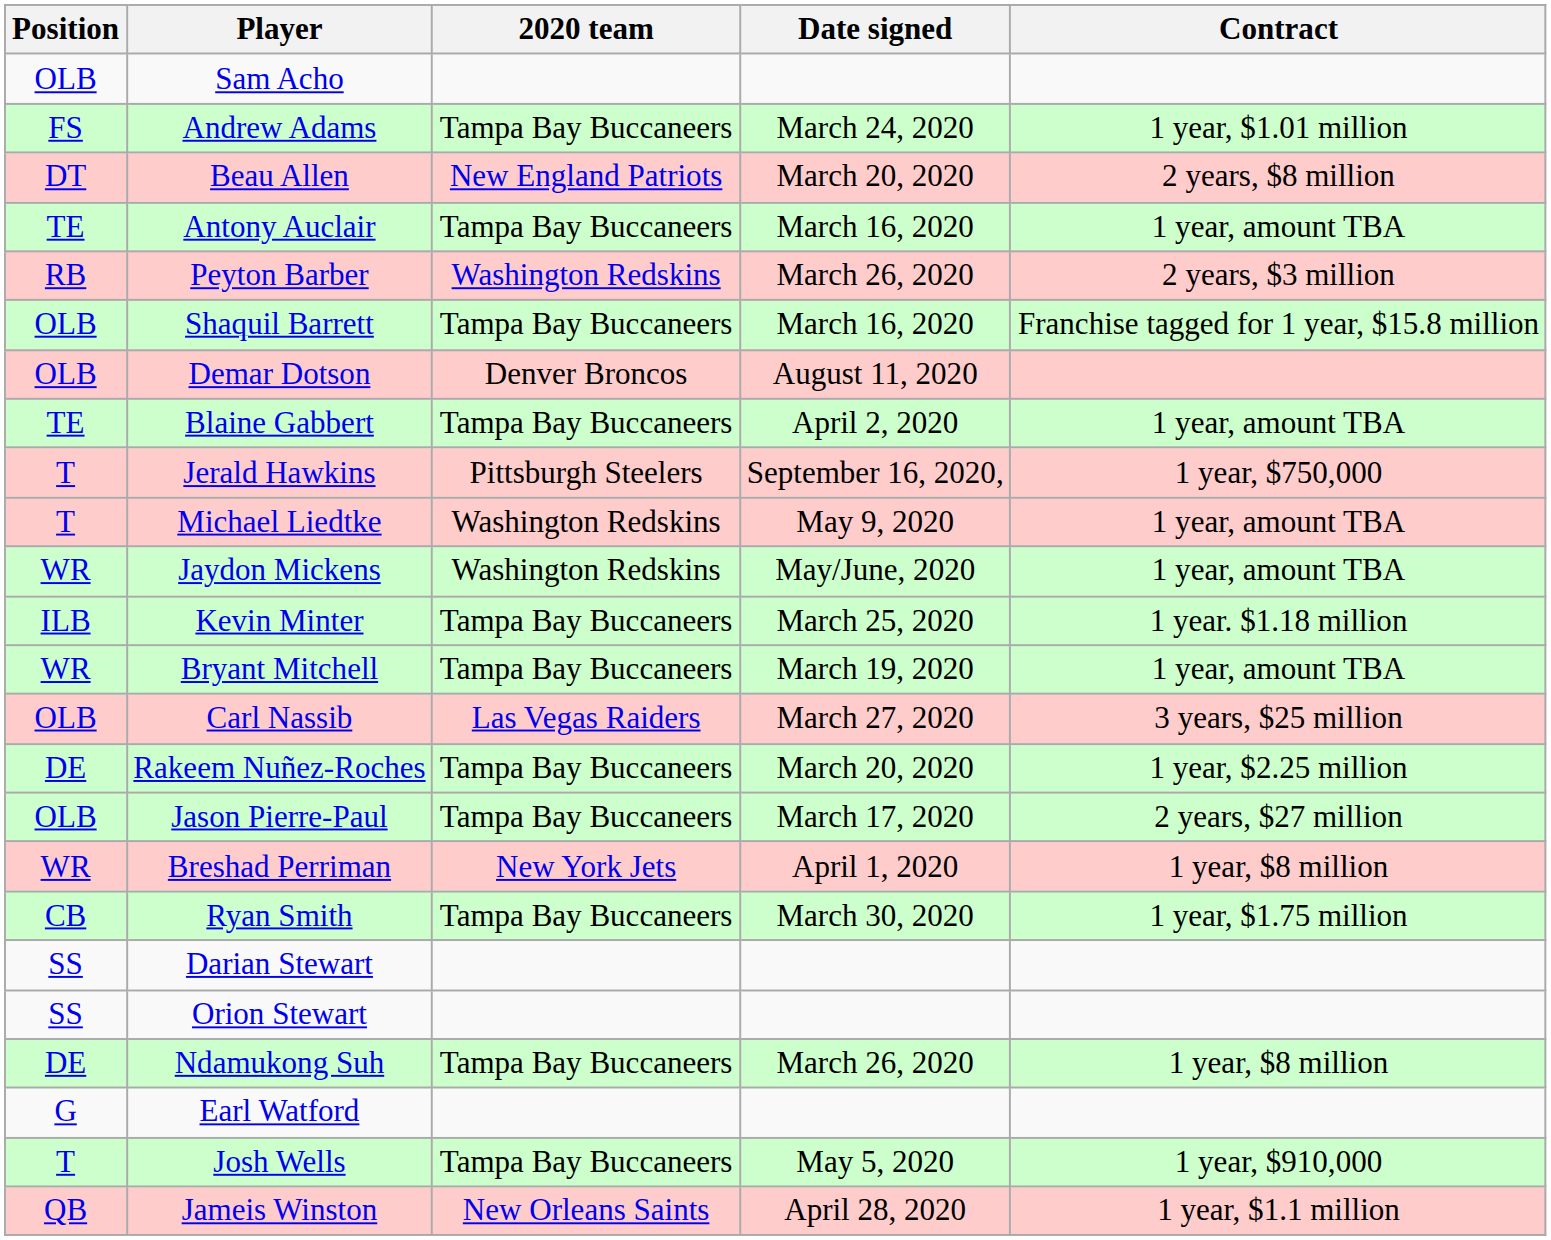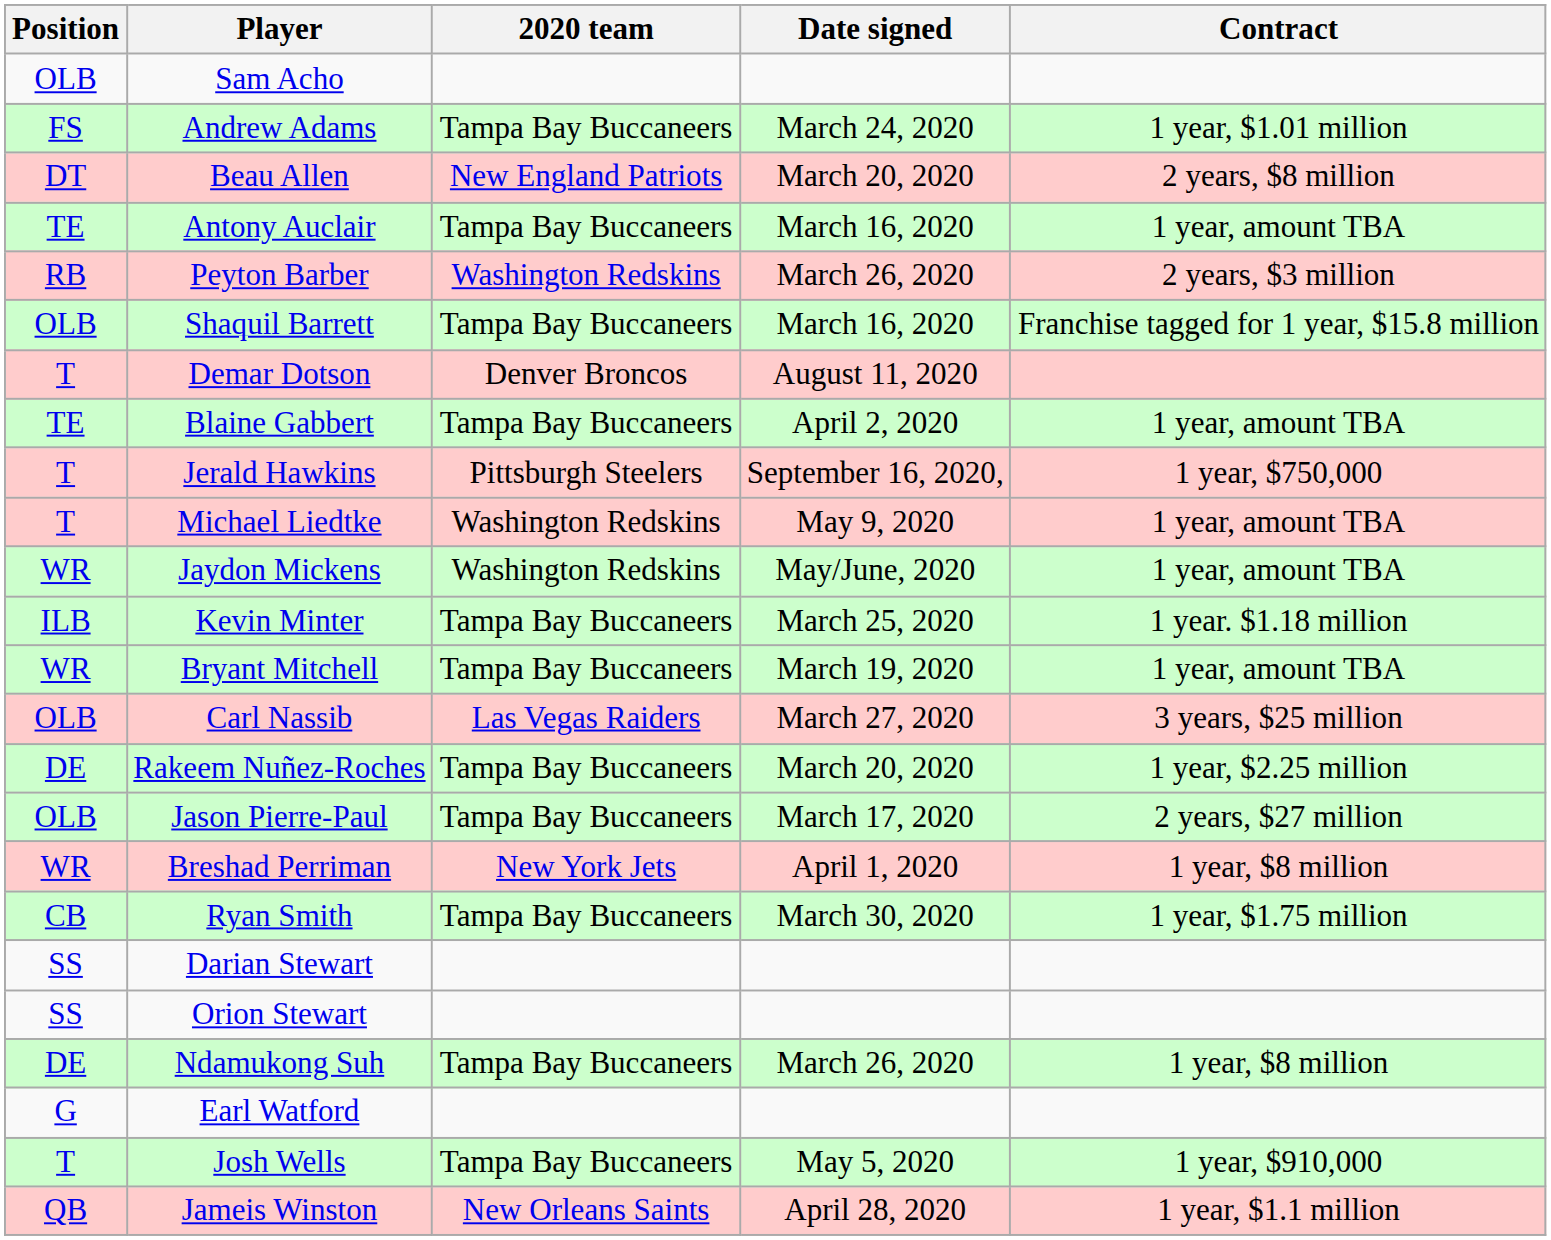 <table class="wikitable" style="text-align:center">
 <tr>
 <th>Position</th>
 <th>Player</th>
 <th>2020 team</th>
 <th>Date signed</th>
 <th>Contract</th>
 </tr>
 <tr>
 <td><a href='#'>OLB</a></td>
 <td><a href='#'>Sam Acho</a></td>
 <td></td>
 <td></td>
 <td></td>
 </tr>
 <tr style="background:#cfc">
 <td><a href='#'>FS</a></td>
 <td><a href='#'>Andrew Adams</a></td>
 <td>Tampa Bay Buccaneers</td>
 <td>March 24, 2020</td>
 <td>1 year, $1.01 million</td>
 </tr>
 <tr style="background:#fcc">
 <td><a href='#'>DT</a></td>
 <td><a href='#'>Beau Allen</a></td>
 <td><a href='#'>New England Patriots</a></td>
 <td>March 20, 2020</td>
 <td>2 years, $8 million</td>
 </tr>
 <tr style="background:#cfc">
 <td><a href='#'>TE</a></td>
 <td><a href='#'>Antony Auclair</a></td>
 <td>Tampa Bay Buccaneers</td>
 <td>March 16, 2020</td>
 <td>1 year, amount TBA</td>
 </tr>
 <tr style="background:#fcc">
 <td><a href='#'>RB</a></td>
 <td><a href='#'>Peyton Barber</a></td>
 <td><a href='#'>Washington Redskins</a></td>
 <td>March 26, 2020</td>
 <td>2 years, $3 million</td>
 </tr>
 <tr style="background:#cfc">
 <td><a href='#'>OLB</a></td>
 <td><a href='#'>Shaquil Barrett</a></td>
 <td>Tampa Bay Buccaneers</td>
 <td>March 16, 2020</td>
 <td>Franchise tagged for 1 year, $15.8 million</td>
 </tr>
 <tr style="background:#fcc">
-<td><a href='#'>OLB</a></td>
+<td><a href='#'>T</a></td>
 <td><a href='#'>Demar Dotson</a></td>
 <td>Denver Broncos</td>
 <td>August 11, 2020</td>
 <td></td>
 </tr>
 <tr style="background:#cfc">
 <td><a href='#'>TE</a></td>
 <td><a href='#'>Blaine Gabbert</a></td>
 <td>Tampa Bay Buccaneers</td>
 <td>April 2, 2020</td>
 <td>1 year, amount TBA</td>
 </tr>
 <tr style="background:#fcc">
 <td><a href='#'>T</a></td>
 <td><a href='#'>Jerald Hawkins</a></td>
 <td>Pittsburgh Steelers</td>
 <td>September 16, 2020,</td>
 <td>1 year, $750,000</td>
 </tr>
 <tr style="background:#fcc">
 <td><a href='#'>T</a></td>
 <td><a href='#'>Michael Liedtke</a></td>
 <td>Washington Redskins</td>
 <td>May 9, 2020</td>
 <td>1 year, amount TBA</td>
 </tr>
 <tr style="background:#cfc">
 <td><a href='#'>WR</a></td>
 <td><a href='#'>Jaydon Mickens</a></td>
 <td>Washington Redskins</td>
 <td>May/June, 2020</td>
 <td>1 year, amount TBA</td>
 </tr>
 <tr style="background:#cfc">
 <td><a href='#'>ILB</a></td>
 <td><a href='#'>Kevin Minter</a></td>
 <td>Tampa Bay Buccaneers</td>
 <td>March 25, 2020</td>
 <td>1 year. $1.18 million</td>
 </tr>
 <tr style="background:#cfc">
 <td><a href='#'>WR</a></td>
 <td><a href='#'>Bryant Mitchell</a></td>
 <td>Tampa Bay Buccaneers</td>
 <td>March 19, 2020</td>
 <td>1 year, amount TBA</td>
 </tr>
 <tr style="background:#fcc">
 <td><a href='#'>OLB</a></td>
 <td><a href='#'>Carl Nassib</a></td>
 <td><a href='#'>Las Vegas Raiders</a></td>
 <td>March 27, 2020</td>
 <td>3 years, $25 million</td>
 </tr>
 <tr style="background:#cfc">
 <td><a href='#'>DE</a></td>
 <td><a href='#'>Rakeem Nuñez-Roches</a></td>
 <td>Tampa Bay Buccaneers</td>
 <td>March 20, 2020</td>
 <td>1 year, $2.25 million</td>
 </tr>
 <tr style="background:#cfc">
 <td><a href='#'>OLB</a></td>
 <td><a href='#'>Jason Pierre-Paul</a></td>
 <td>Tampa Bay Buccaneers</td>
 <td>March 17, 2020</td>
 <td>2 years, $27 million</td>
 </tr>
 <tr style="background:#fcc">
 <td><a href='#'>WR</a></td>
 <td><a href='#'>Breshad Perriman</a></td>
 <td><a href='#'>New York Jets</a></td>
 <td>April 1, 2020</td>
 <td>1 year, $8 million</td>
 </tr>
 <tr style="background:#cfc">
 <td><a href='#'>CB</a></td>
 <td><a href='#'>Ryan Smith</a></td>
 <td>Tampa Bay Buccaneers</td>
 <td>March 30, 2020</td>
 <td>1 year, $1.75 million</td>
 </tr>
 <tr>
 <td><a href='#'>SS</a></td>
 <td><a href='#'>Darian Stewart</a></td>
 <td></td>
 <td></td>
 <td></td>
 </tr>
 <tr>
 <td><a href='#'>SS</a></td>
 <td><a href='#'>Orion Stewart</a></td>
 <td></td>
 <td></td>
 <td></td>
 </tr>
 <tr style="background:#cfc">
 <td><a href='#'>DE</a></td>
 <td><a href='#'>Ndamukong Suh</a></td>
 <td>Tampa Bay Buccaneers</td>
 <td>March 26, 2020</td>
 <td>1 year, $8 million</td>
 </tr>
 <tr>
 <td><a href='#'>G</a></td>
 <td><a href='#'>Earl Watford</a></td>
 <td></td>
 <td></td>
 <td></td>
 </tr>
 <tr style="background:#cfc">
 <td><a href='#'>T</a></td>
 <td><a href='#'>Josh Wells</a></td>
 <td>Tampa Bay Buccaneers</td>
 <td>May 5, 2020</td>
 <td>1 year, $910,000</td>
 </tr>
 <tr style="background:#fcc">
 <td><a href='#'>QB</a></td>
 <td><a href='#'>Jameis Winston</a></td>
 <td><a href='#'>New Orleans Saints</a></td>
 <td>April 28, 2020</td>
 <td>1 year, $1.1 million</td>
 </tr>
 </table>
